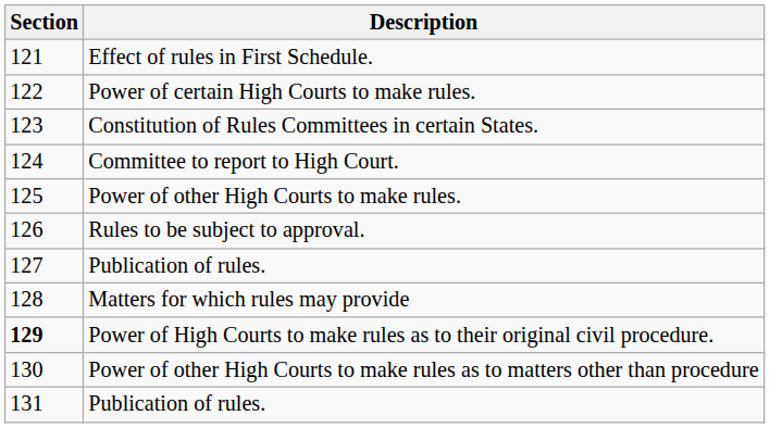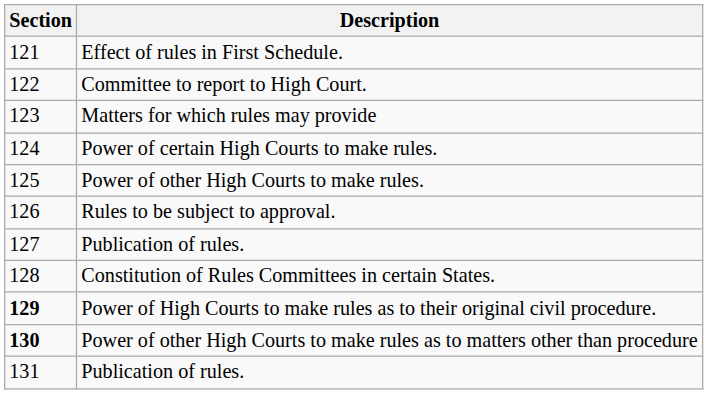 <table class="wikitable">
 <tr>
 <th>Section</th>
 <th>Description</th>
 </tr>
 <tr>
 <td>121</td>
 <td>Effect of rules in First Schedule.</td>
 </tr>
 <tr>
 <td>122</td>
-<td>Power of certain High Courts to make rules.</td>
+<td>Committee to report to High Court.</td>
 </tr>
 <tr>
 <td>123</td>
-<td>Constitution of Rules Committees in certain States.</td>
+<td>Matters for which rules may provide</td>
 </tr>
 <tr>
 <td>124</td>
-<td>Committee to report to High Court.</td>
+<td>Power of certain High Courts to make rules.</td>
 </tr>
 <tr>
 <td>125</td>
 <td>Power of other High Courts to make rules.</td>
 </tr>
 <tr>
 <td>126</td>
 <td>Rules to be subject to approval.</td>
 </tr>
 <tr>
 <td>127</td>
 <td>Publication of rules.</td>
 </tr>
 <tr>
 <td>128</td>
-<td>Matters for which rules may provide</td>
+<td>Constitution of Rules Committees in certain States.</td>
 </tr>
 <tr>
 <td><strong>129</strong></td>
 <td>Power of High Courts to make rules as to their original civil procedure.</td>
 </tr>
 <tr>
-<td>130</td>
+<td><strong>130</strong></td>
 <td>Power of other High Courts to make rules as to matters other than procedure</td>
 </tr>
 <tr>
 <td>131</td>
 <td>Publication of rules.</td>
 </tr>
 </table>
